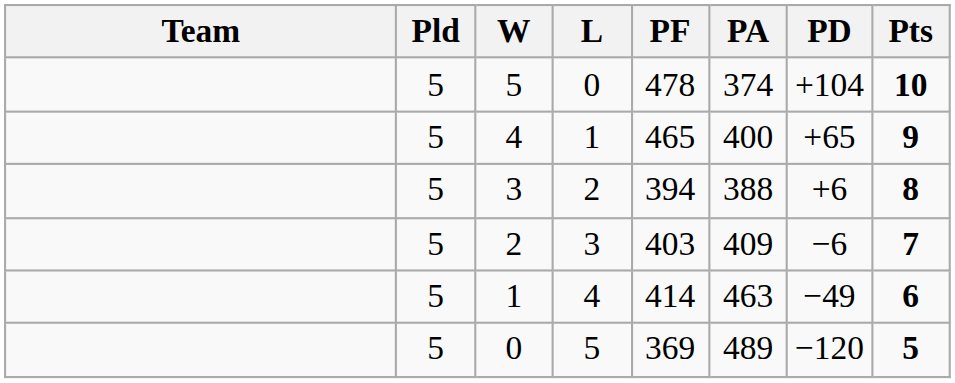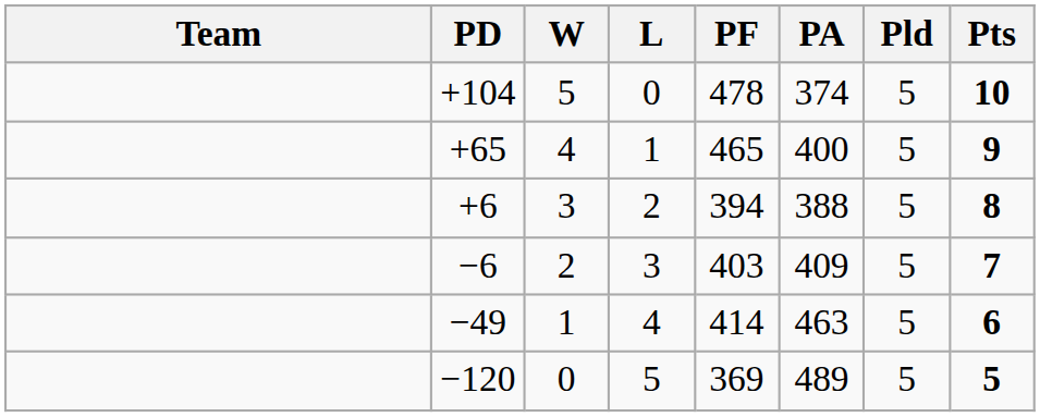 <table class=wikitable style="text-align:center">
 <tr>
 <th width=180>Team</th>
-<th width=30>Pld</th>
+<th width=30>PD</th>
 <th width=30>W</th>
 <th width=30>L</th>
 <th width=30>PF</th>
 <th width=30>PA</th>
-<th width=30>PD</th>
+<th width=30>Pld</th>
 <th width=30>Pts</th>
 </tr>
 <tr>
 <td align="left"></td>
-<td>5</td>
+<td>+104</td>
 <td>5</td>
 <td>0</td>
 <td>478</td>
 <td>374</td>
-<td>+104</td>
+<td>5</td>
 <td><strong>10</strong></td>
 </tr>
 <tr>
 <td align="left"></td>
-<td>5</td>
+<td>+65</td>
 <td>4</td>
 <td>1</td>
 <td>465</td>
 <td>400</td>
-<td>+65</td>
+<td>5</td>
 <td><strong>9</strong></td>
 </tr>
 <tr>
 <td align="left"></td>
-<td>5</td>
+<td>+6</td>
 <td>3</td>
 <td>2</td>
 <td>394</td>
 <td>388</td>
-<td>+6</td>
+<td>5</td>
 <td><strong>8</strong></td>
 </tr>
 <tr>
 <td align="left"></td>
-<td>5</td>
+<td>−6</td>
 <td>2</td>
 <td>3</td>
 <td>403</td>
 <td>409</td>
-<td>−6</td>
+<td>5</td>
 <td><strong>7</strong></td>
 </tr>
 <tr>
 <td align="left"></td>
-<td>5</td>
+<td>−49</td>
 <td>1</td>
 <td>4</td>
 <td>414</td>
 <td>463</td>
-<td>−49</td>
+<td>5</td>
 <td><strong>6</strong></td>
 </tr>
 <tr>
 <td align="left"></td>
-<td>5</td>
+<td>−120</td>
 <td>0</td>
 <td>5</td>
 <td>369</td>
 <td>489</td>
-<td>−120</td>
+<td>5</td>
 <td><strong>5</strong></td>
 </tr>
 </table>
